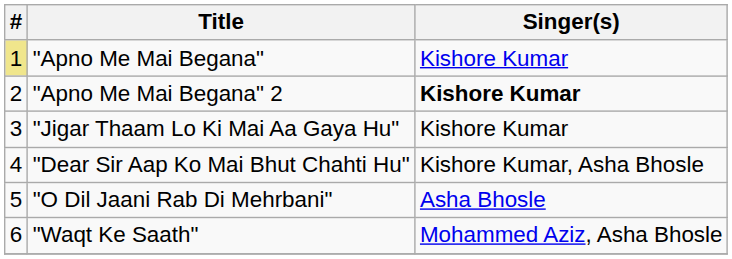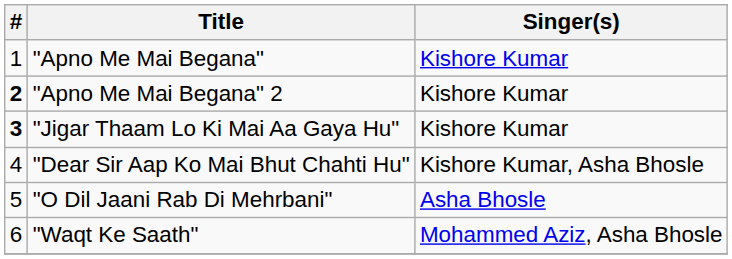 <table class="wikitable">
 <tr>
 <th>#</th>
 <th>Title</th>
 <th>Singer(s)</th>
 </tr>
 <tr>
-<td style="background: khaki;">1</td>
+<td>1</td>
 <td>"Apno Me Mai Begana"</td>
 <td><a href='#'>Kishore Kumar</a></td>
 </tr>
 <tr>
-<td>2</td>
+<td><strong>2</strong></td>
 <td>"Apno Me Mai Begana" 2</td>
-<td><strong>Kishore Kumar</strong></td>
+<td>Kishore Kumar</td>
 </tr>
 <tr>
-<td>3</td>
+<td><strong>3</strong></td>
 <td>"Jigar Thaam Lo Ki Mai Aa Gaya Hu"</td>
 <td>Kishore Kumar</td>
 </tr>
 <tr>
 <td>4</td>
 <td>"Dear Sir Aap Ko Mai Bhut Chahti Hu"</td>
 <td>Kishore Kumar, Asha Bhosle</td>
 </tr>
 <tr>
 <td>5</td>
 <td>"O Dil Jaani Rab Di Mehrbani"</td>
 <td><a href='#'>Asha Bhosle</a></td>
 </tr>
 <tr>
 <td>6</td>
 <td>"Waqt Ke Saath"</td>
 <td><a href='#'>Mohammed Aziz</a>, Asha Bhosle</td>
 </tr>
 <tr>
 </tr>
 </table>
